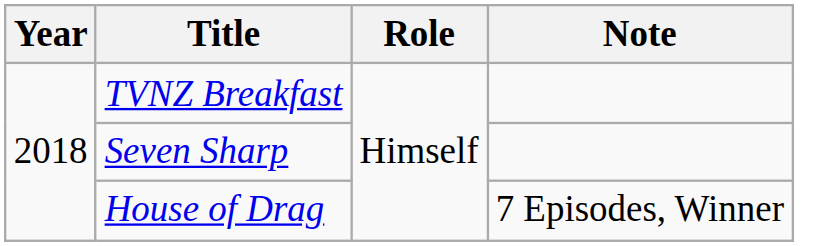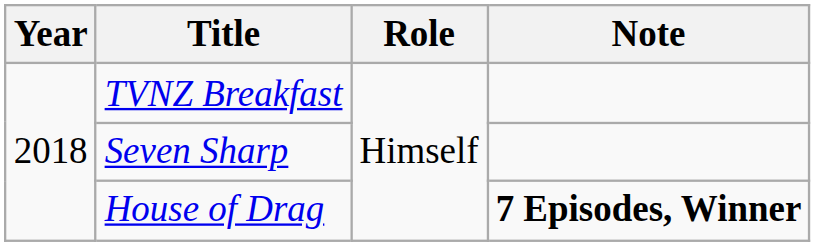 <table class="wikitable">
 <tr>
 <th>Year</th>
 <th>Title</th>
 <th>Role</th>
 <th>Note</th>
 </tr>
 <tr>
 <td rowspan="3">2018</td>
 <td><em><a href='#'>TVNZ Breakfast</a></em></td>
 <td rowspan="3">Himself</td>
 <td></td>
 </tr>
 <tr>
 <td><em><a href='#'>Seven Sharp</a></em></td>
 <td></td>
 </tr>
 <tr>
 <td><em><a href='#'>House of Drag</a></em></td>
-<td>7 Episodes, Winner</td>
+<td><strong>7 Episodes, Winner</strong></td>
 </tr>
 </table>
